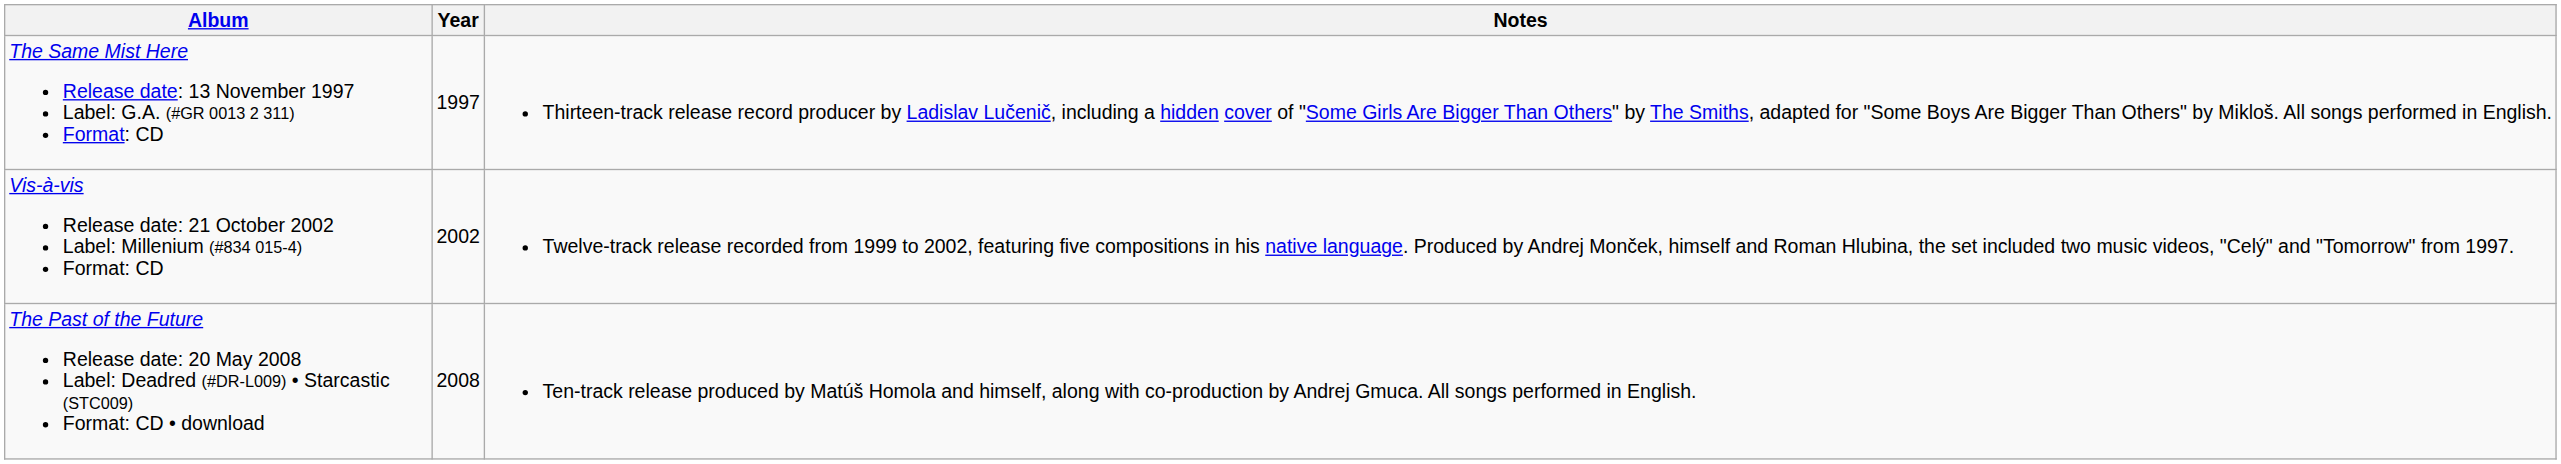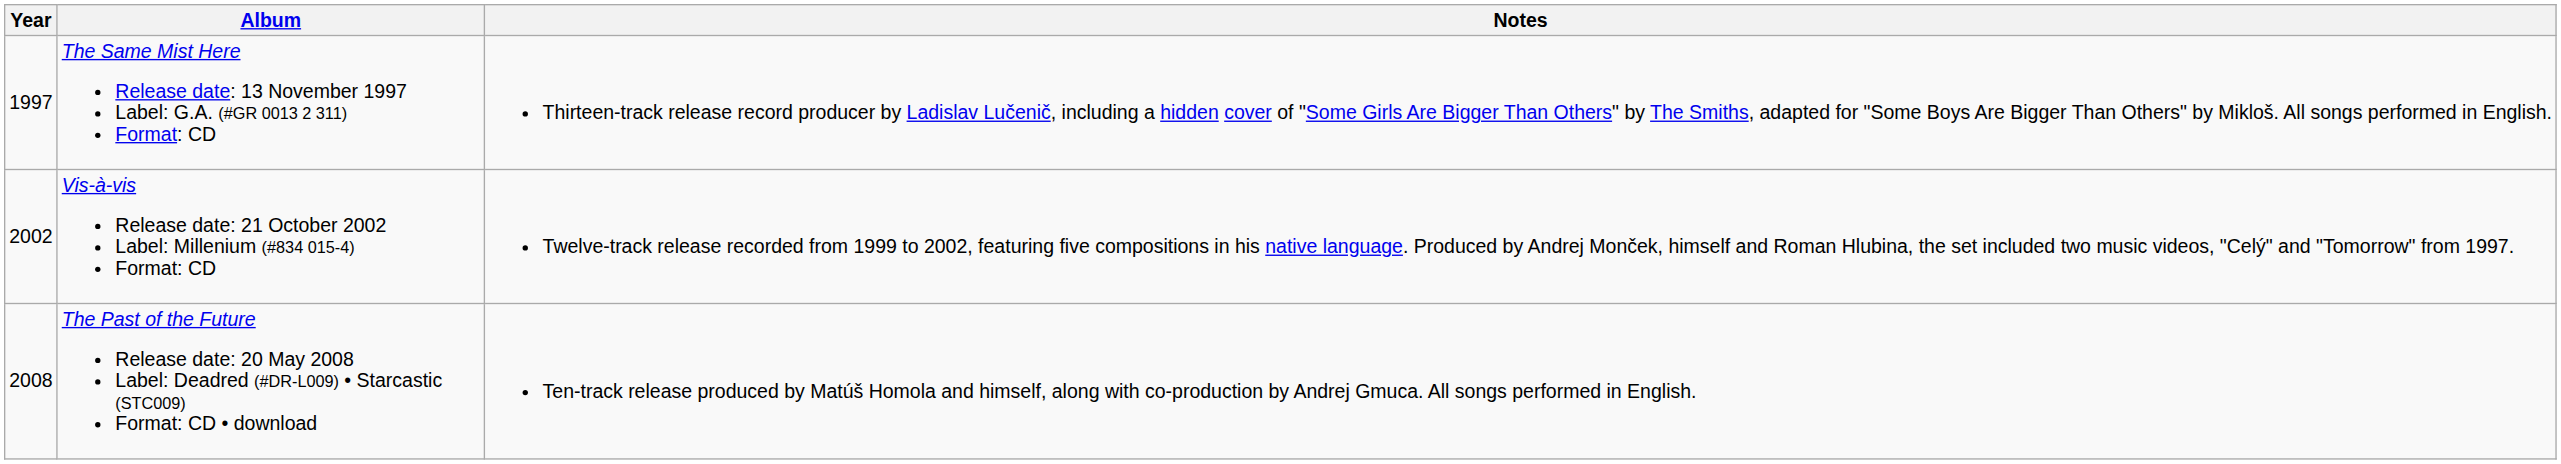 <table class="wikitable" style="font-size:91%">
 <tr>
+<th width=28>Year</th>
 <th width=312><a href='#'>Album</a></th>
-<th width=28>Year</th>
 <th>Notes</th>
 </tr>
 <tr>
+<td>1997</td>
 <td><em><a href='#'>The Same Mist Here</a></em><br><ul><li><a href='#'>Release date</a>: 13 November 1997</li><li>Label: G.A. <small>(#GR 0013 2 311)</small></li><li><a href='#'>Format</a>: CD</li></ul></td>
-<td>1997</td>
 <td><br><ul><li>Thirteen-track release record producer by <a href='#'>Ladislav Lučenič</a>, including a <a href='#'>hidden</a> <a href='#'>cover</a> of "<a href='#'>Some Girls Are Bigger Than Others</a>" by <a href='#'>The Smiths</a>, adapted for "Some Boys Are Bigger Than Others" by Mikloš. All songs performed in English.</li></ul></td>
 </tr>
 <tr>
+<td>2002</td>
 <td><em><a href='#'>Vis-à-vis</a></em><br><ul><li>Release date: 21 October 2002</li><li>Label: Millenium <small>(#834 015-4)</small></li><li>Format: CD</li></ul></td>
-<td>2002</td>
 <td><br><ul><li>Twelve-track release recorded from 1999 to 2002, featuring five compositions in his <a href='#'>native language</a>. Produced by Andrej Monček, himself and Roman Hlubina, the set included two music videos, "Celý" and "Tomorrow" from 1997.</li></ul></td>
 </tr>
 <tr>
+<td>2008</td>
 <td><em><a href='#'>The Past of the Future</a></em><br><ul><li>Release date: 20 May 2008</li><li>Label: Deadred <small>(#DR-L009)</small> • Starcastic <small>(STC009)</small></li><li>Format: CD • download</li></ul></td>
-<td>2008</td>
 <td><br><ul><li>Ten-track release produced by Matúš Homola and himself, along with co-production by Andrej Gmuca. All songs performed in English.</li></ul></td>
 </tr>
 </table>
